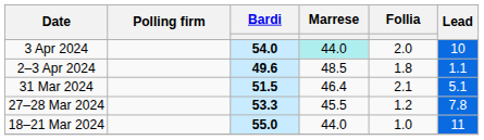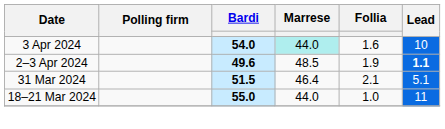 <table class="wikitable" style="text-align:center;font-size:85%;line-height:13px">
 <tr style="height:30px; background-color:#E9E9E9">
 <th style="width:100px;" rowspan="2">Date</th>
 <th style="width:120px;" rowspan="2">Polling firm</th>
 <th style="width:65px;"><a href='#'>Bardi</a></th>
 <th style="width:65px;">Marrese</th>
 <th style="width:65px;">Follia</th>
 <th style="width:35px;" rowspan="2">Lead</th>
 </tr>
 <tr>
 <th style="background:"></th>
 <th style="background:"></th>
 <th style="background:"></th>
 </tr>
 <tr>
 <td>3 Apr 2024</td>
 <td></td>
 <td style="background:#C8EBFF"><strong>54.0</strong></td>
 <td style="background: paleturquoise;">44.0</td>
-<td>2.0</td>
+<td>1.6</td>
 <td style="background:#0A6BE1; color:white;">10</td>
 </tr>
 <tr>
 <td>2–3 Apr 2024</td>
 <td></td>
 <td style="background:#C8EBFF"><strong>49.6</strong></td>
 <td>48.5</td>
-<td>1.8</td>
-<td style="background:#0A6BE1; color:white;">1.1</td>
+<td>1.9</td>
+<td style="background:#0A6BE1; color:white;"><strong>1.1</strong></td>
 </tr>
 <tr>
 <td>31 Mar 2024</td>
 <td></td>
 <td style="background:#C8EBFF"><strong>51.5</strong></td>
 <td>46.4</td>
 <td>2.1</td>
 <td style="background:#0A6BE1; color:white;">5.1</td>
-</tr>
-<tr>
-<td>27–28 Mar 2024</td>
-<td></td>
-<td style="background:#C8EBFF"><strong>53.3</strong></td>
-<td>45.5</td>
-<td>1.2</td>
-<td style="background:#0A6BE1; color:white;">7.8</td>
 </tr>
 <tr>
 <td>18–21 Mar 2024</td>
 <td></td>
 <td style="background:#C8EBFF"><strong>55.0</strong></td>
 <td>44.0</td>
 <td>1.0</td>
 <td style="background:#0A6BE1; color:white;">11</td>
 </tr>
 <tr>
 </tr>
 </table>
